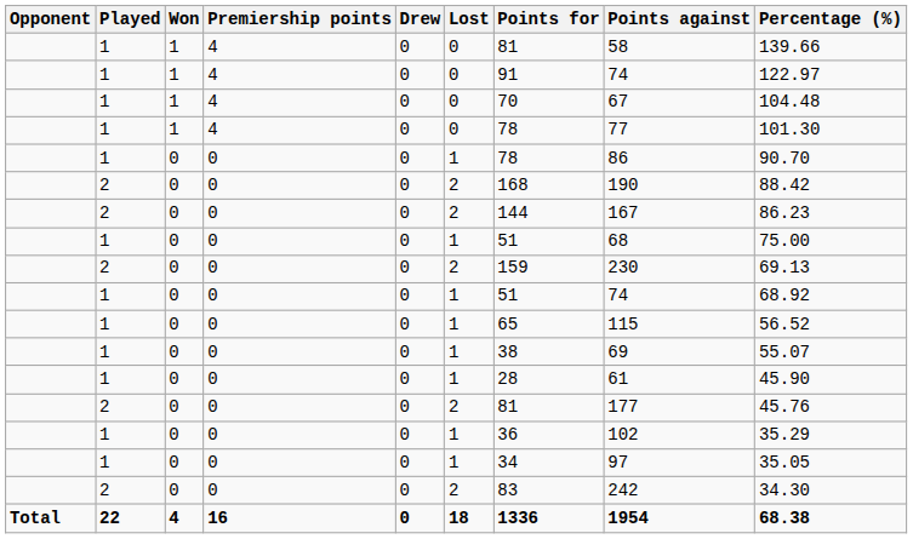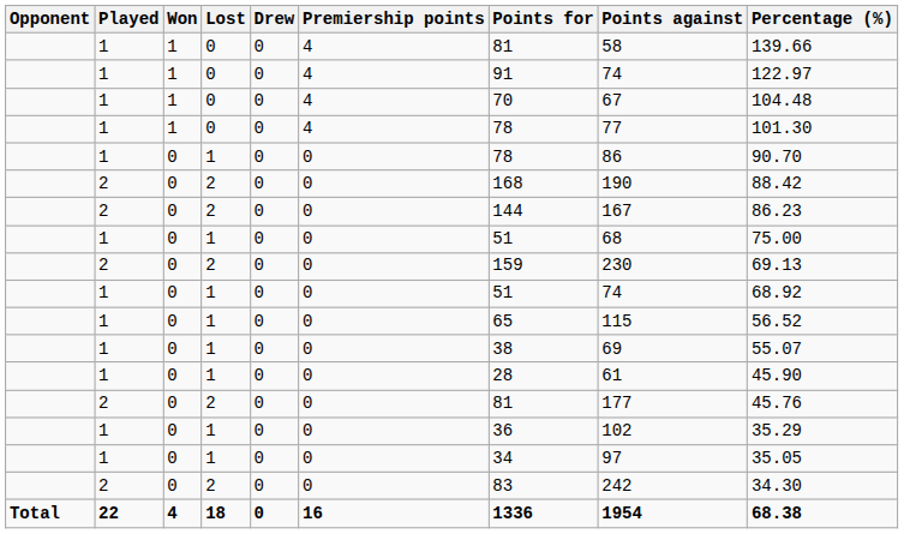 <table class="wikitable">
 <tr>
 <th>Opponent</th>
 <th>Played</th>
 <th>Won</th>
+<th>Lost</th>
+<th>Drew</th>
 <th>Premiership points</th>
-<th>Drew</th>
-<th>Lost</th>
 <th>Points for</th>
 <th>Points against</th>
 <th>Percentage (%)</th>
 </tr>
 <tr>
 <td></td>
 <td>1</td>
 <td>1</td>
-<td>4</td>
 <td>0</td>
 <td>0</td>
+<td>4</td>
 <td>81</td>
 <td>58</td>
 <td>139.66</td>
 </tr>
 <tr>
 <td></td>
 <td>1</td>
 <td>1</td>
-<td>4</td>
 <td>0</td>
 <td>0</td>
+<td>4</td>
 <td>91</td>
 <td>74</td>
 <td>122.97</td>
 </tr>
 <tr>
 <td></td>
 <td>1</td>
 <td>1</td>
-<td>4</td>
 <td>0</td>
 <td>0</td>
+<td>4</td>
 <td>70</td>
 <td>67</td>
 <td>104.48</td>
 </tr>
 <tr>
 <td></td>
 <td>1</td>
 <td>1</td>
-<td>4</td>
 <td>0</td>
 <td>0</td>
+<td>4</td>
 <td>78</td>
 <td>77</td>
 <td>101.30</td>
 </tr>
 <tr>
 <td></td>
 <td>1</td>
 <td>0</td>
+<td>1</td>
 <td>0</td>
 <td>0</td>
-<td>1</td>
 <td>78</td>
 <td>86</td>
 <td>90.70</td>
 </tr>
 <tr>
 <td></td>
 <td>2</td>
 <td>0</td>
+<td>2</td>
 <td>0</td>
 <td>0</td>
-<td>2</td>
 <td>168</td>
 <td>190</td>
 <td>88.42</td>
 </tr>
 <tr>
 <td></td>
 <td>2</td>
 <td>0</td>
+<td>2</td>
 <td>0</td>
 <td>0</td>
-<td>2</td>
 <td>144</td>
 <td>167</td>
 <td>86.23</td>
 </tr>
 <tr>
 <td></td>
 <td>1</td>
 <td>0</td>
+<td>1</td>
 <td>0</td>
 <td>0</td>
-<td>1</td>
 <td>51</td>
 <td>68</td>
 <td>75.00</td>
 </tr>
 <tr>
 <td></td>
 <td>2</td>
 <td>0</td>
+<td>2</td>
 <td>0</td>
 <td>0</td>
-<td>2</td>
 <td>159</td>
 <td>230</td>
 <td>69.13</td>
 </tr>
 <tr>
 <td></td>
 <td>1</td>
 <td>0</td>
+<td>1</td>
 <td>0</td>
 <td>0</td>
-<td>1</td>
 <td>51</td>
 <td>74</td>
 <td>68.92</td>
 </tr>
 <tr>
 <td></td>
 <td>1</td>
 <td>0</td>
+<td>1</td>
 <td>0</td>
 <td>0</td>
-<td>1</td>
 <td>65</td>
 <td>115</td>
 <td>56.52</td>
 </tr>
 <tr>
 <td></td>
 <td>1</td>
 <td>0</td>
+<td>1</td>
 <td>0</td>
 <td>0</td>
-<td>1</td>
 <td>38</td>
 <td>69</td>
 <td>55.07</td>
 </tr>
 <tr>
 <td></td>
 <td>1</td>
 <td>0</td>
+<td>1</td>
 <td>0</td>
 <td>0</td>
-<td>1</td>
 <td>28</td>
 <td>61</td>
 <td>45.90</td>
 </tr>
 <tr>
 <td></td>
 <td>2</td>
 <td>0</td>
+<td>2</td>
 <td>0</td>
 <td>0</td>
-<td>2</td>
 <td>81</td>
 <td>177</td>
 <td>45.76</td>
 </tr>
 <tr>
 <td></td>
 <td>1</td>
 <td>0</td>
+<td>1</td>
 <td>0</td>
 <td>0</td>
-<td>1</td>
 <td>36</td>
 <td>102</td>
 <td>35.29</td>
 </tr>
 <tr>
 <td></td>
 <td>1</td>
 <td>0</td>
+<td>1</td>
 <td>0</td>
 <td>0</td>
-<td>1</td>
 <td>34</td>
 <td>97</td>
 <td>35.05</td>
 </tr>
 <tr>
 <td></td>
 <td>2</td>
 <td>0</td>
+<td>2</td>
 <td>0</td>
 <td>0</td>
-<td>2</td>
 <td>83</td>
 <td>242</td>
 <td>34.30</td>
 </tr>
 <tr>
 <td><strong>Total</strong></td>
 <td><strong>22</strong></td>
 <td><strong>4</strong></td>
+<td><strong>18</strong></td>
+<td><strong>0</strong></td>
 <td><strong>16</strong></td>
-<td><strong>0</strong></td>
-<td><strong>18</strong></td>
 <td><strong>1336</strong></td>
 <td><strong>1954</strong></td>
 <td><strong>68.38</strong></td>
 </tr>
 </table>
